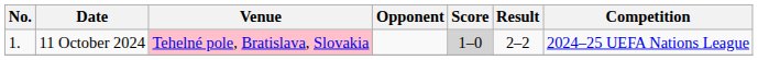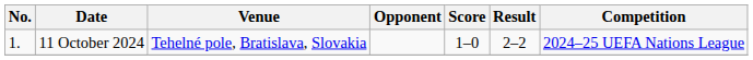 <table class="wikitable">
 <tr>
 <th>No.</th>
 <th>Date</th>
 <th>Venue</th>
 <th>Opponent</th>
 <th>Score</th>
 <th>Result</th>
 <th>Competition</th>
 </tr>
 <tr>
 <td>1.</td>
 <td>11 October 2024</td>
-<td style="background: pink;"><a href='#'>Tehelné pole</a>, <a href='#'>Bratislava</a>, <a href='#'>Slovakia</a></td>
+<td><a href='#'>Tehelné pole</a>, <a href='#'>Bratislava</a>, <a href='#'>Slovakia</a></td>
 <td></td>
-<td align=center style="background: lightgrey;">1–0</td>
+<td align=center>1–0</td>
 <td align=center>2–2</td>
 <td><a href='#'>2024–25 UEFA Nations League</a></td>
 </tr>
 <tr>
 </tr>
 </table>
